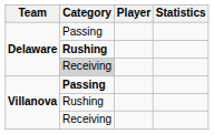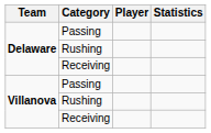 <table class="wikitable" style="float: right;">
 <tr>
 <th>Team</th>
 <th>Category</th>
 <th>Player</th>
 <th>Statistics</th>
 </tr>
 <tr>
 <td rowspan=3><strong>Delaware</strong></td>
 <td>Passing</td>
 <td></td>
 <td></td>
 </tr>
 <tr>
-<td><strong>Rushing</strong></td>
+<td>Rushing</td>
 <td></td>
 <td></td>
 </tr>
 <tr>
-<td style="background: lightgrey;">Receiving</td>
+<td>Receiving</td>
 <td></td>
 <td></td>
 </tr>
 <tr>
 <td rowspan=3><strong>Villanova</strong></td>
-<td><strong>Passing</strong></td>
+<td>Passing</td>
 <td></td>
 <td></td>
 </tr>
 <tr>
 <td>Rushing</td>
 <td></td>
 <td></td>
 </tr>
 <tr>
 <td>Receiving</td>
 <td></td>
 <td></td>
 </tr>
 </table>
